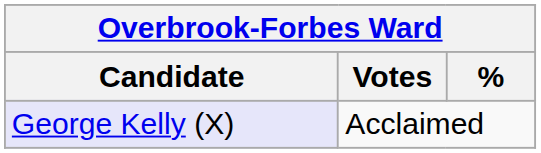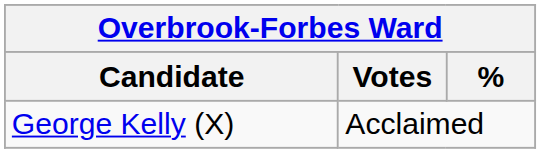 <table class="wikitable">
 <tr>
 <th colspan="3"><a href='#'>Overbrook-Forbes Ward</a></th>
 </tr>
 <tr>
 <th style="width: 170px">Candidate</th>
 <th style="width: 50px">Votes</th>
 <th style="width: 40px">%</th>
 </tr>
 <tr>
-<td style="background: lavender;"><a href='#'>George Kelly</a> (X)</td>
+<td><a href='#'>George Kelly</a> (X)</td>
 <td colspan="2">Acclaimed</td>
 </tr>
 </table>
